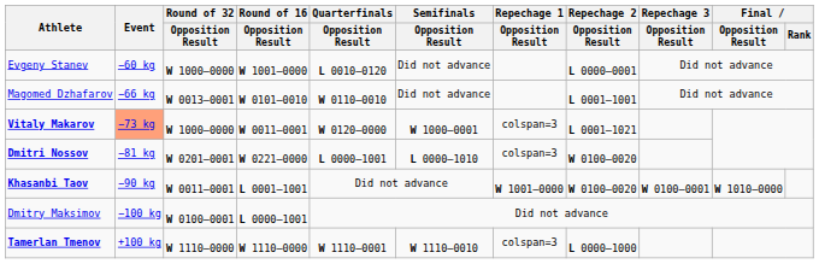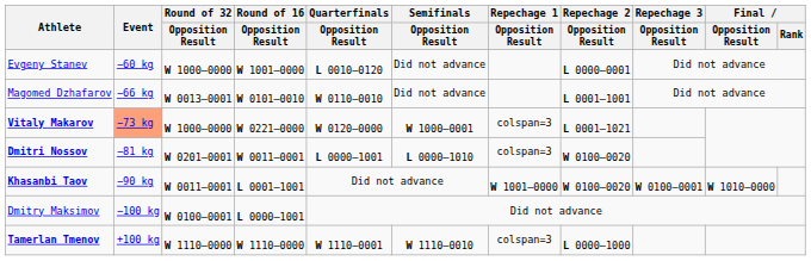 <table class="wikitable" style="font-size:90%">
 <tr>
 <th rowspan="2">Athlete</th>
 <th rowspan="2">Event</th>
 <th>Round of 32</th>
 <th>Round of 16</th>
 <th>Quarterfinals</th>
 <th>Semifinals</th>
 <th>Repechage 1</th>
 <th>Repechage 2</th>
 <th>Repechage 3</th>
 <th colspan=2>Final / </th>
 </tr>
 <tr style="font-size:95%">
 <th>Opposition<br>Result</th>
 <th>Opposition<br>Result</th>
 <th>Opposition<br>Result</th>
 <th>Opposition<br>Result</th>
 <th>Opposition<br>Result</th>
 <th>Opposition<br>Result</th>
 <th>Opposition<br>Result</th>
 <th>Opposition<br>Result</th>
 <th>Rank</th>
 </tr>
 <tr align=center>
 <td align=left><a href='#'>Evgeny Stanev</a></td>
 <td align=left><a href='#'>−60 kg</a></td>
 <td><br><strong>W</strong> 1000–0000</td>
 <td><br><strong>W</strong> 1001–0000</td>
 <td><br><strong>L</strong> 0010–0120</td>
 <td>Did not advance</td>
 <td></td>
 <td><br><strong>L</strong> 0000–0001</td>
 <td colspan=3>Did not advance</td>
 </tr>
 <tr align=center>
 <td align=left><a href='#'>Magomed Dzhafarov</a></td>
 <td align=left><a href='#'>−66 kg</a></td>
 <td><br><strong>W</strong> 0013–0001</td>
 <td><br><strong>W</strong> 0101–0010</td>
 <td><br><strong>W</strong> 0110–0010</td>
 <td>Did not advance</td>
 <td></td>
 <td><br><strong>L</strong> 0001–1001</td>
 <td colspan=3>Did not advance</td>
 </tr>
 <tr align=center>
 <td align=left><strong><a href='#'>Vitaly Makarov</a></strong></td>
 <td align=left style="background: lightsalmon;"><a href='#'>−73 kg</a></td>
 <td><br><strong>W</strong> 1000–0000</td>
-<td><br><strong>W</strong> 0011–0001</td>
+<td><br><strong>W</strong> 0221–0000</td>
 <td><br><strong>W</strong> 0120–0000</td>
 <td><br><strong>W</strong> 1000–0001</td>
 <td>colspan=3 </td>
 <td><br><strong>L</strong> 0001–1021</td>
 <td></td>
 </tr>
 <tr align=center>
 <td align=left><strong><a href='#'>Dmitri Nossov</a></strong></td>
 <td align=left><a href='#'>−81 kg</a></td>
 <td><br><strong>W</strong> 0201–0001</td>
-<td><br><strong>W</strong> 0221–0000</td>
+<td><br><strong>W</strong> 0011–0001</td>
 <td><br><strong>L</strong> 0000–1001</td>
 <td><br><strong>L</strong> 0000–1010</td>
 <td>colspan=3 </td>
 <td><br><strong>W</strong> 0100–0020</td>
 <td></td>
 </tr>
 <tr align=center>
 <td align=left><strong><a href='#'>Khasanbi Taov</a></strong></td>
 <td align=left><a href='#'>−90 kg</a></td>
 <td><br><strong>W</strong> 0011–0001</td>
 <td><br><strong>L</strong> 0001–1001</td>
 <td colspan=2>Did not advance</td>
 <td><br><strong>W</strong> 1001–0000</td>
 <td><br><strong>W</strong> 0100–0020</td>
 <td><br><strong>W</strong> 0100–0001</td>
 <td><br><strong>W</strong> 1010–0000</td>
 <td></td>
 </tr>
 <tr align=center>
 <td align=left><a href='#'>Dmitry Maksimov</a></td>
 <td align=left><a href='#'>−100 kg</a></td>
 <td><br><strong>W</strong> 0100–0001</td>
 <td><br><strong>L</strong> 0000–1001</td>
 <td colspan=7>Did not advance</td>
 </tr>
 <tr align=center>
 <td align=left><strong><a href='#'>Tamerlan Tmenov</a></strong></td>
 <td align=left><a href='#'>+100 kg</a></td>
 <td><br><strong>W</strong> 1110–0000</td>
 <td><br><strong>W</strong> 1110–0000</td>
 <td><br><strong>W</strong> 1110–0001</td>
 <td><br><strong>W</strong> 1110–0010</td>
 <td>colspan=3 </td>
 <td><br><strong>L</strong> 0000–1000</td>
 <td></td>
 </tr>
 </table>
